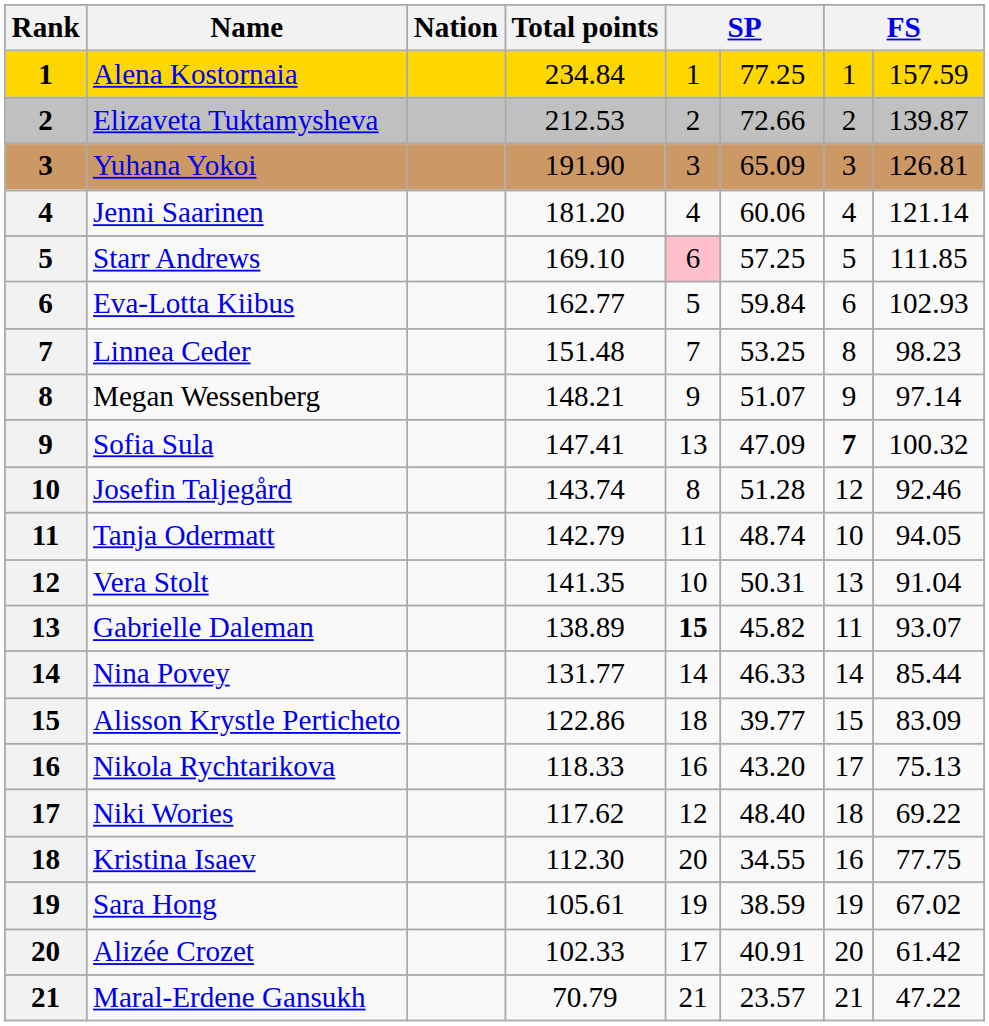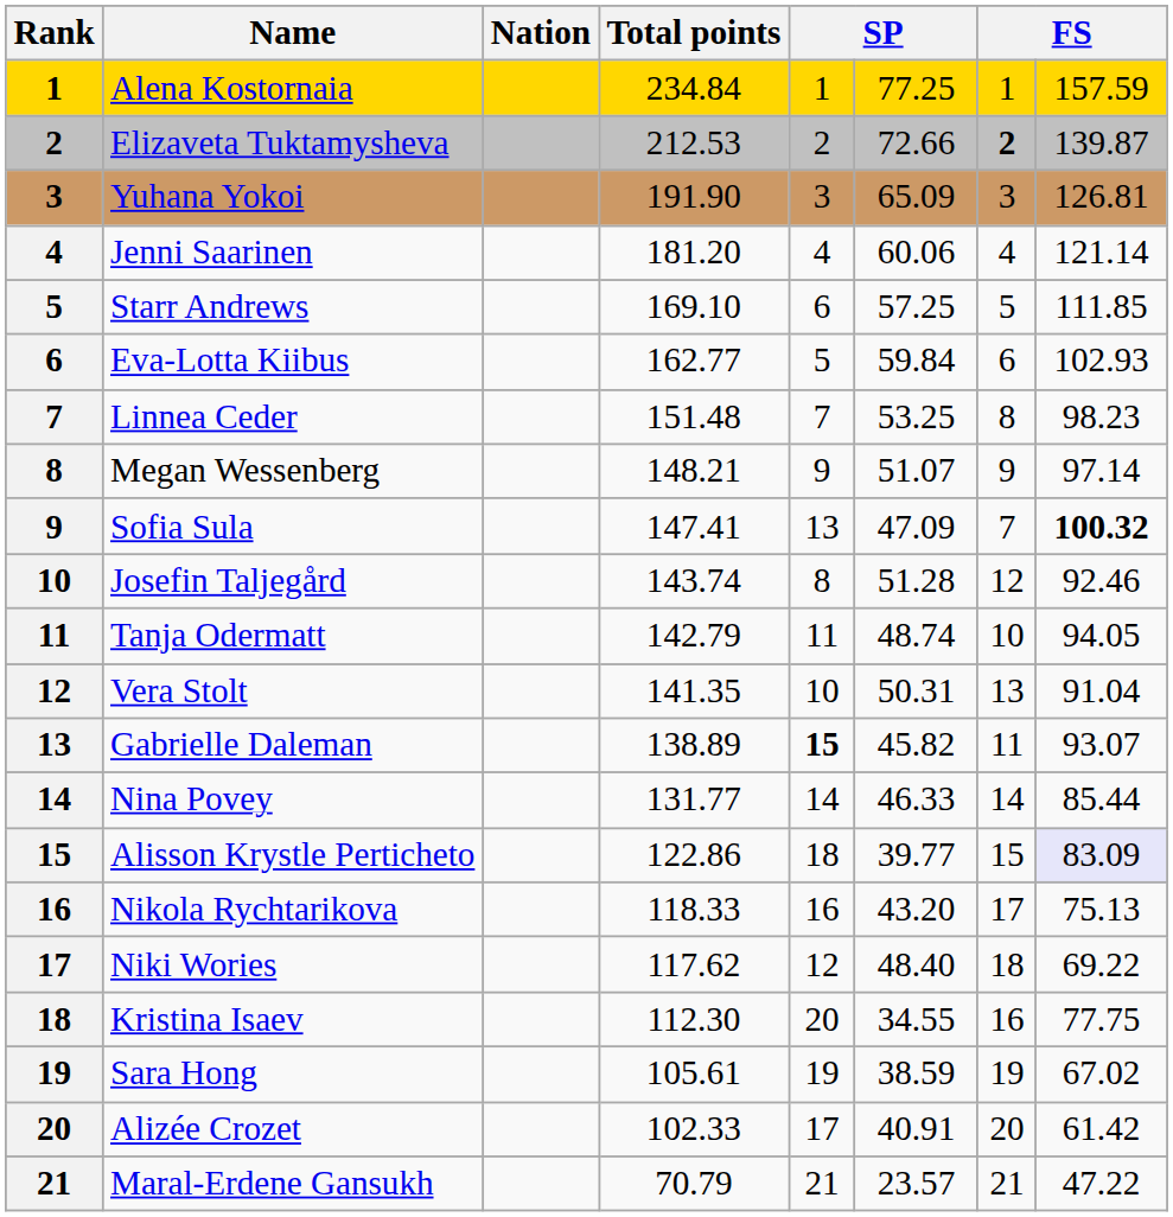 <table class="wikitable sortable">
 <tr>
 <th>Rank</th>
 <th>Name</th>
 <th>Nation</th>
 <th>Total points</th>
 <th colspan="2" width="80px"><a href='#'>SP</a></th>
 <th colspan="2" width="80px"><a href='#'>FS</a></th>
 </tr>
 <tr bgcolor="gold">
 <td align="center"><strong>1</strong></td>
 <td><a href='#'>Alena Kostornaia</a></td>
 <td></td>
 <td align="center">234.84</td>
 <td align="center">1</td>
 <td align="center">77.25</td>
 <td align="center">1</td>
 <td align="center">157.59</td>
 </tr>
 <tr bgcolor="silver">
 <td align="center"><strong>2</strong></td>
 <td><a href='#'>Elizaveta Tuktamysheva</a></td>
 <td></td>
 <td align="center">212.53</td>
 <td align="center">2</td>
 <td align="center">72.66</td>
-<td align="center">2</td>
+<td align="center"><strong>2</strong></td>
 <td align="center">139.87</td>
 </tr>
 <tr bgcolor="cc9966">
 <td align="center"><strong>3</strong></td>
 <td><a href='#'>Yuhana Yokoi</a></td>
 <td></td>
 <td align="center">191.90</td>
 <td align="center">3</td>
 <td align="center">65.09</td>
 <td align="center">3</td>
 <td align="center">126.81</td>
 </tr>
 <tr>
 <th>4</th>
 <td><a href='#'>Jenni Saarinen</a></td>
 <td></td>
 <td align="center">181.20</td>
 <td align="center">4</td>
 <td align="center">60.06</td>
 <td align="center">4</td>
 <td align="center">121.14</td>
 </tr>
 <tr>
 <th>5</th>
 <td><a href='#'>Starr Andrews</a></td>
 <td></td>
 <td align="center">169.10</td>
-<td align="center" style="background: pink;">6</td>
+<td align="center">6</td>
 <td align="center">57.25</td>
 <td align="center">5</td>
 <td align="center">111.85</td>
 </tr>
 <tr>
 <th>6</th>
 <td><a href='#'>Eva-Lotta Kiibus</a></td>
 <td></td>
 <td align="center">162.77</td>
 <td align="center">5</td>
 <td align="center">59.84</td>
 <td align="center">6</td>
 <td align="center">102.93</td>
 </tr>
 <tr>
 <th>7</th>
 <td><a href='#'>Linnea Ceder</a></td>
 <td></td>
 <td align="center">151.48</td>
 <td align="center">7</td>
 <td align="center">53.25</td>
 <td align="center">8</td>
 <td align="center">98.23</td>
 </tr>
 <tr>
 <th>8</th>
 <td>Megan Wessenberg</td>
 <td></td>
 <td align="center">148.21</td>
 <td align="center">9</td>
 <td align="center">51.07</td>
 <td align="center">9</td>
 <td align="center">97.14</td>
 </tr>
 <tr>
 <th>9</th>
 <td><a href='#'>Sofia Sula</a></td>
 <td></td>
 <td align="center">147.41</td>
 <td align="center">13</td>
 <td align="center">47.09</td>
-<td align="center"><strong>7</strong></td>
-<td align="center">100.32</td>
+<td align="center">7</td>
+<td align="center"><strong>100.32</strong></td>
 </tr>
 <tr>
 <th>10</th>
 <td><a href='#'>Josefin Taljegård</a></td>
 <td></td>
 <td align="center">143.74</td>
 <td align="center">8</td>
 <td align="center">51.28</td>
 <td align="center">12</td>
 <td align="center">92.46</td>
 </tr>
 <tr>
 <th>11</th>
 <td><a href='#'>Tanja Odermatt</a></td>
 <td></td>
 <td align="center">142.79</td>
 <td align="center">11</td>
 <td align="center">48.74</td>
 <td align="center">10</td>
 <td align="center">94.05</td>
 </tr>
 <tr>
 <th>12</th>
 <td><a href='#'>Vera Stolt</a></td>
 <td></td>
 <td align="center">141.35</td>
 <td align="center">10</td>
 <td align="center">50.31</td>
 <td align="center">13</td>
 <td align="center">91.04</td>
 </tr>
 <tr>
 <th>13</th>
 <td><a href='#'>Gabrielle Daleman</a></td>
 <td></td>
 <td align="center">138.89</td>
 <td align="center"><strong>15</strong></td>
 <td align="center">45.82</td>
 <td align="center">11</td>
 <td align="center">93.07</td>
 </tr>
 <tr>
 <th>14</th>
 <td><a href='#'>Nina Povey</a></td>
 <td></td>
 <td align="center">131.77</td>
 <td align="center">14</td>
 <td align="center">46.33</td>
 <td align="center">14</td>
 <td align="center">85.44</td>
 </tr>
 <tr>
 <th>15</th>
 <td><a href='#'>Alisson Krystle Perticheto</a></td>
 <td></td>
 <td align="center">122.86</td>
 <td align="center">18</td>
 <td align="center">39.77</td>
 <td align="center">15</td>
-<td align="center">83.09</td>
+<td align="center" style="background: lavender;">83.09</td>
 </tr>
 <tr>
 <th>16</th>
 <td><a href='#'>Nikola Rychtarikova</a></td>
 <td></td>
 <td align="center">118.33</td>
 <td align="center">16</td>
 <td align="center">43.20</td>
 <td align="center">17</td>
 <td align="center">75.13</td>
 </tr>
 <tr>
 <th>17</th>
 <td><a href='#'>Niki Wories</a></td>
 <td></td>
 <td align="center">117.62</td>
 <td align="center">12</td>
 <td align="center">48.40</td>
 <td align="center">18</td>
 <td align="center">69.22</td>
 </tr>
 <tr>
 <th>18</th>
 <td><a href='#'>Kristina Isaev</a></td>
 <td></td>
 <td align="center">112.30</td>
 <td align="center">20</td>
 <td align="center">34.55</td>
 <td align="center">16</td>
 <td align="center">77.75</td>
 </tr>
 <tr>
 <th>19</th>
 <td><a href='#'>Sara Hong</a></td>
 <td></td>
 <td align="center">105.61</td>
 <td align="center">19</td>
 <td align="center">38.59</td>
 <td align="center">19</td>
 <td align="center">67.02</td>
 </tr>
 <tr>
 <th>20</th>
 <td><a href='#'>Alizée Crozet</a></td>
 <td></td>
 <td align="center">102.33</td>
 <td align="center">17</td>
 <td align="center">40.91</td>
 <td align="center">20</td>
 <td align="center">61.42</td>
 </tr>
 <tr>
 <th>21</th>
 <td><a href='#'>Maral-Erdene Gansukh</a></td>
 <td></td>
 <td align="center">70.79</td>
 <td align="center">21</td>
 <td align="center">23.57</td>
 <td align="center">21</td>
 <td align="center">47.22</td>
 </tr>
 </table>
